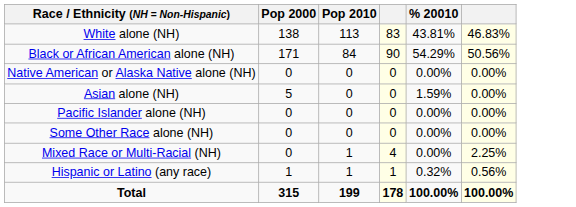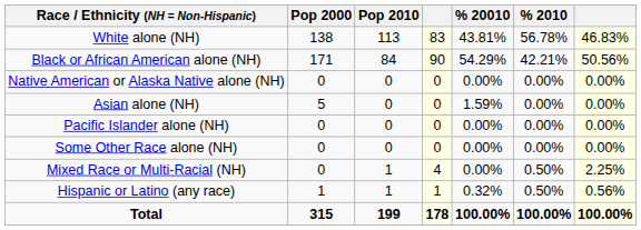 <table class="wikitable" style="text-align:center;">
 <tr>
 <th>Race / Ethnicity <small>(<em>NH = Non-Hispanic</em>)</small></th>
 <th>Pop 2000</th>
 <th>Pop 2010</th>
 <th></th>
 <th>% 20010</th>
+<th>% 2010</th>
 <th></th>
 </tr>
 <tr>
 <td><a href='#'>White</a> alone (NH)</td>
 <td>138</td>
 <td>113</td>
 <td style='background: #ffffe6;'>83</td>
 <td>43.81%</td>
+<td>56.78%</td>
 <td style='background: #ffffe6;'>46.83%</td>
 </tr>
 <tr>
 <td><a href='#'>Black or African American</a> alone (NH)</td>
 <td>171</td>
 <td>84</td>
 <td style='background: #ffffe6;'>90</td>
 <td>54.29%</td>
+<td>42.21%</td>
 <td style='background: #ffffe6;'>50.56%</td>
 </tr>
 <tr>
 <td><a href='#'>Native American</a> or <a href='#'>Alaska Native</a> alone (NH)</td>
 <td>0</td>
 <td>0</td>
 <td style='background: #ffffe6;'>0</td>
+<td>0.00%</td>
 <td>0.00%</td>
 <td style='background: #ffffe6;'>0.00%</td>
 </tr>
 <tr>
 <td><a href='#'>Asian</a> alone (NH)</td>
 <td>5</td>
 <td>0</td>
 <td style='background: #ffffe6;'>0</td>
 <td>1.59%</td>
+<td>0.00%</td>
 <td style='background: #ffffe6;'>0.00%</td>
 </tr>
 <tr>
 <td><a href='#'>Pacific Islander</a> alone (NH)</td>
 <td>0</td>
 <td>0</td>
 <td style='background: #ffffe6;'>0</td>
+<td>0.00%</td>
 <td>0.00%</td>
 <td style='background: #ffffe6;'>0.00%</td>
 </tr>
 <tr>
 <td><a href='#'>Some Other Race</a> alone (NH)</td>
 <td>0</td>
 <td>0</td>
 <td style='background: #ffffe6;'>0</td>
 <td>0.00%</td>
+<td>0.00%</td>
 <td style='background: #ffffe6;'>0.00%</td>
 </tr>
 <tr>
 <td><a href='#'>Mixed Race or Multi-Racial</a> (NH)</td>
 <td>0</td>
 <td>1</td>
 <td style='background: #ffffe6;'>4</td>
 <td>0.00%</td>
+<td>0.50%</td>
 <td style='background: #ffffe6;'>2.25%</td>
 </tr>
 <tr>
 <td><a href='#'>Hispanic or Latino</a> (any race)</td>
 <td>1</td>
 <td>1</td>
 <td style='background: #ffffe6;'>1</td>
 <td>0.32%</td>
+<td>0.50%</td>
 <td style='background: #ffffe6;'>0.56%</td>
 </tr>
 <tr>
 <td><strong>Total</strong></td>
 <td><strong>315</strong></td>
 <td><strong>199</strong></td>
 <td style='background: #ffffe6;'><strong>178</strong></td>
 <td><strong>100.00%</strong></td>
+<td><strong>100.00%</strong></td>
 <td style='background: #ffffe6;'><strong>100.00%</strong></td>
 </tr>
 </table>
